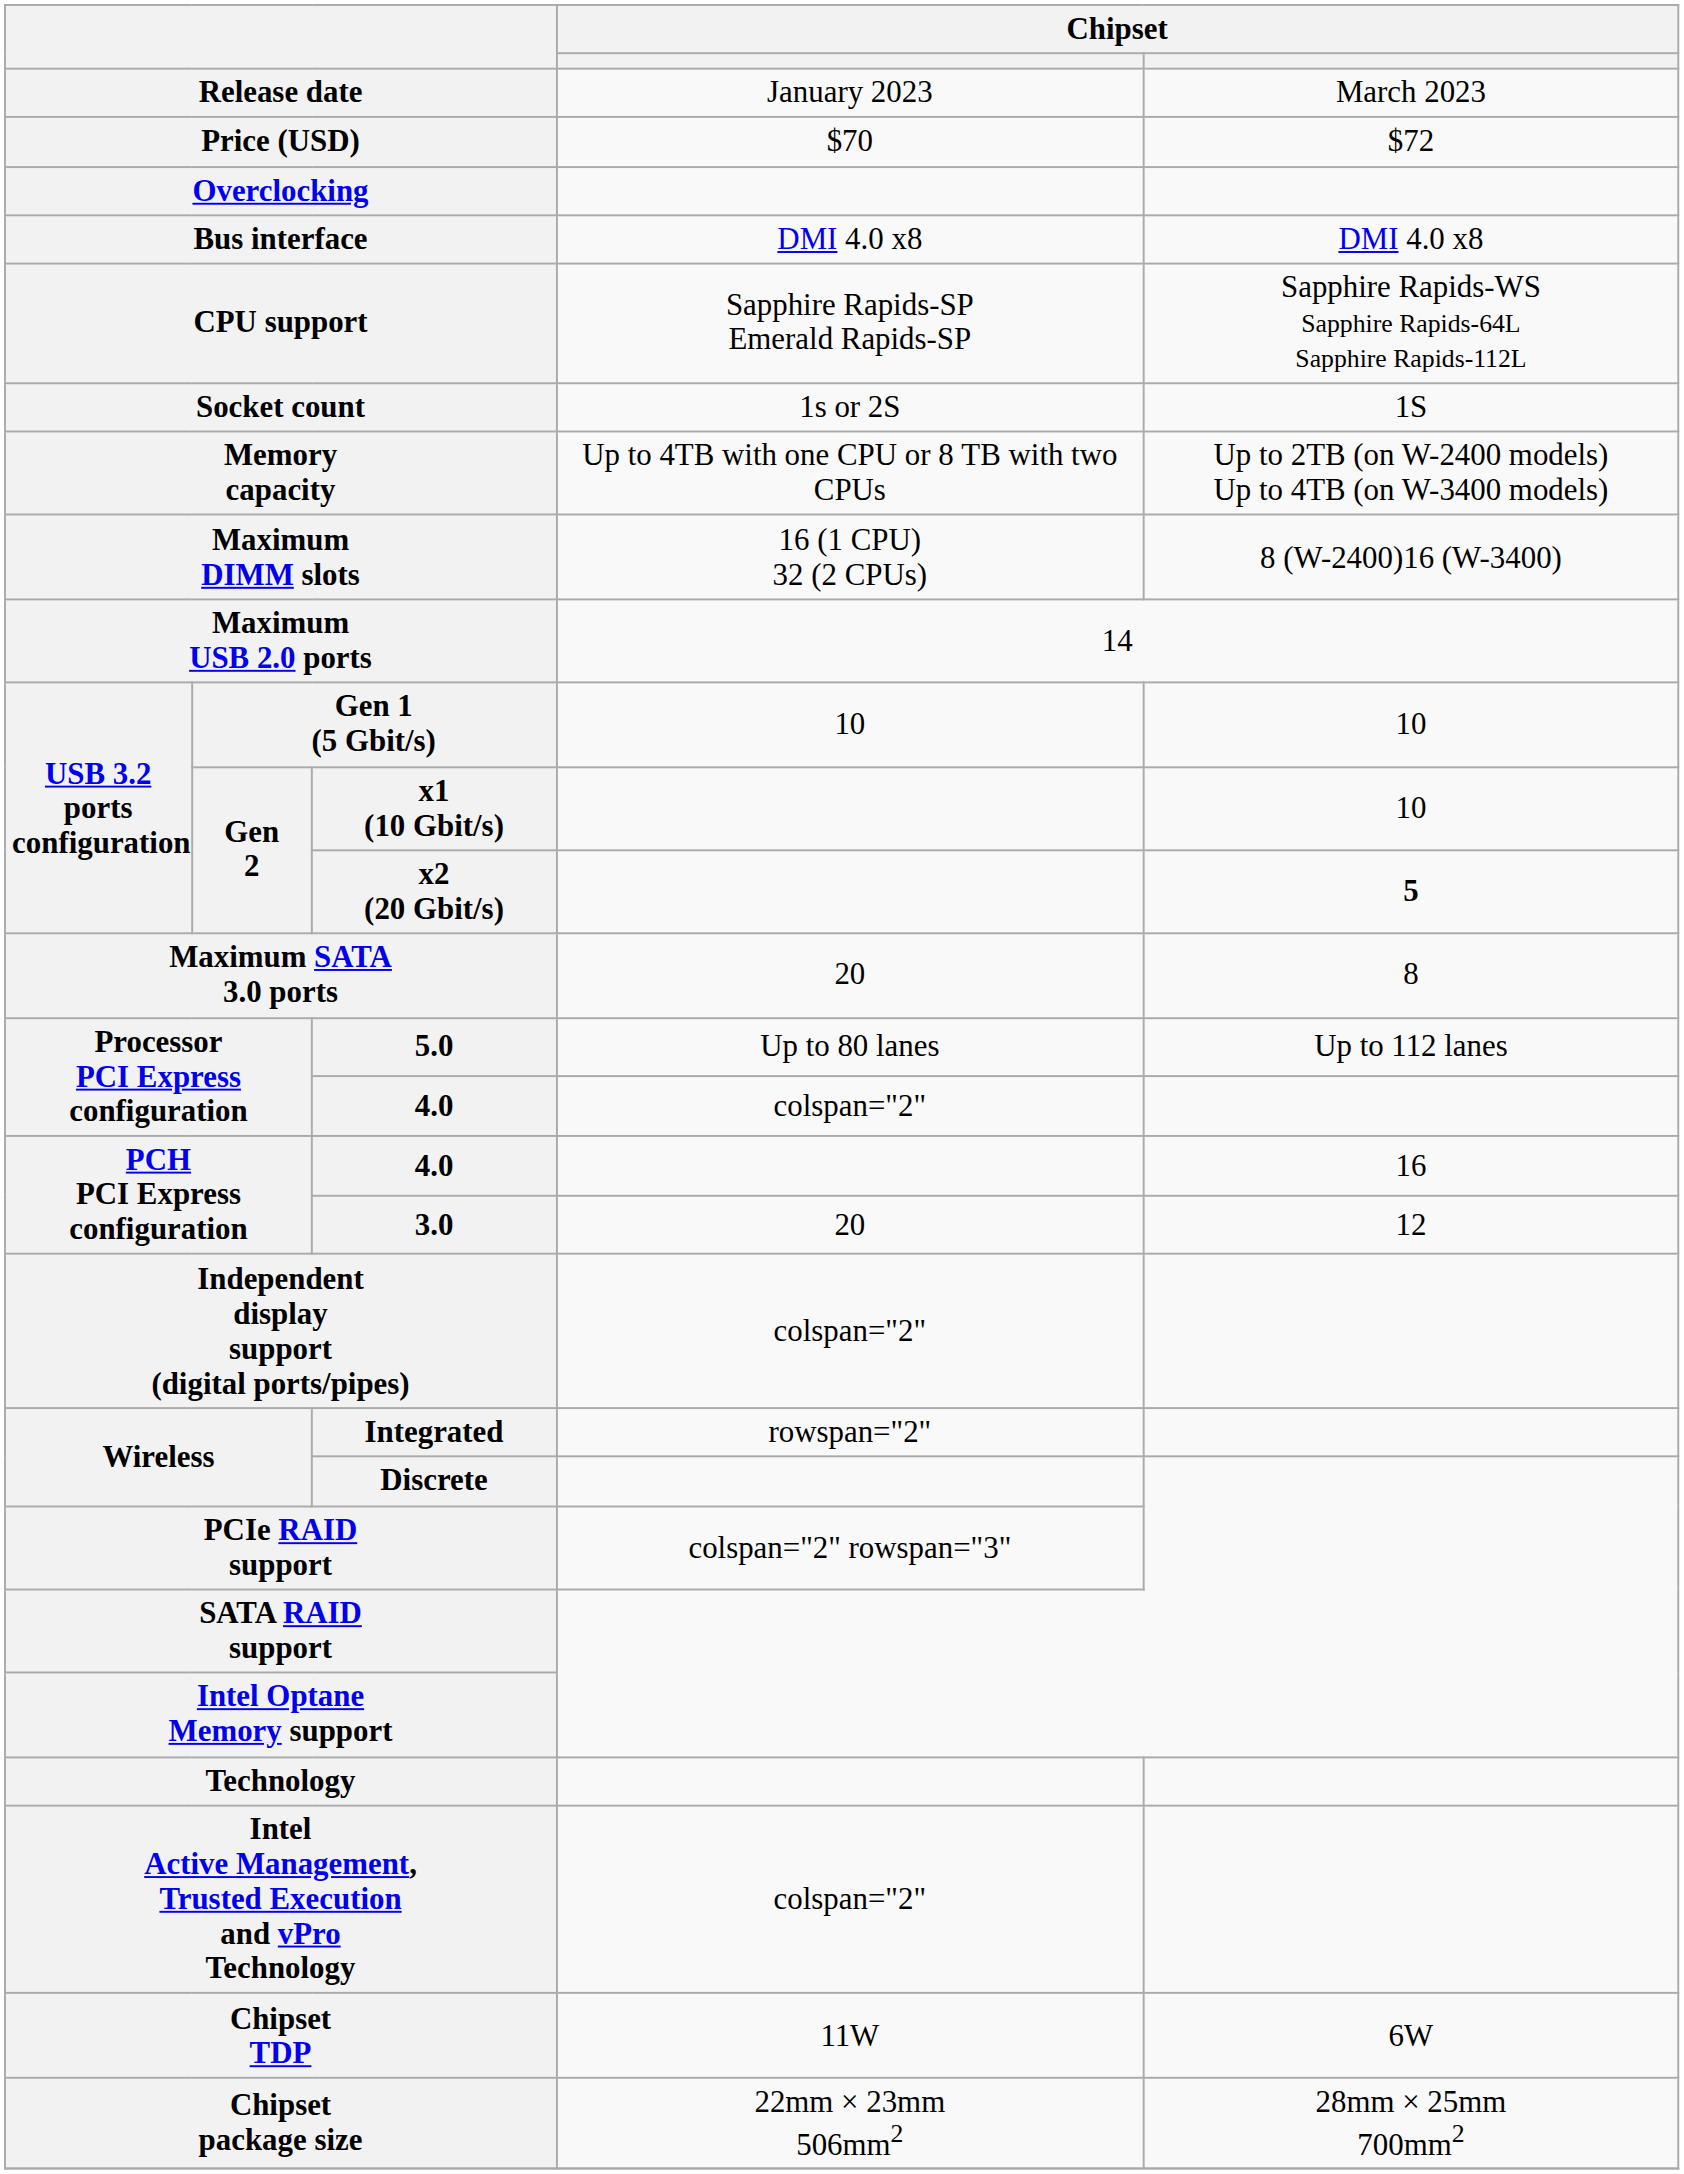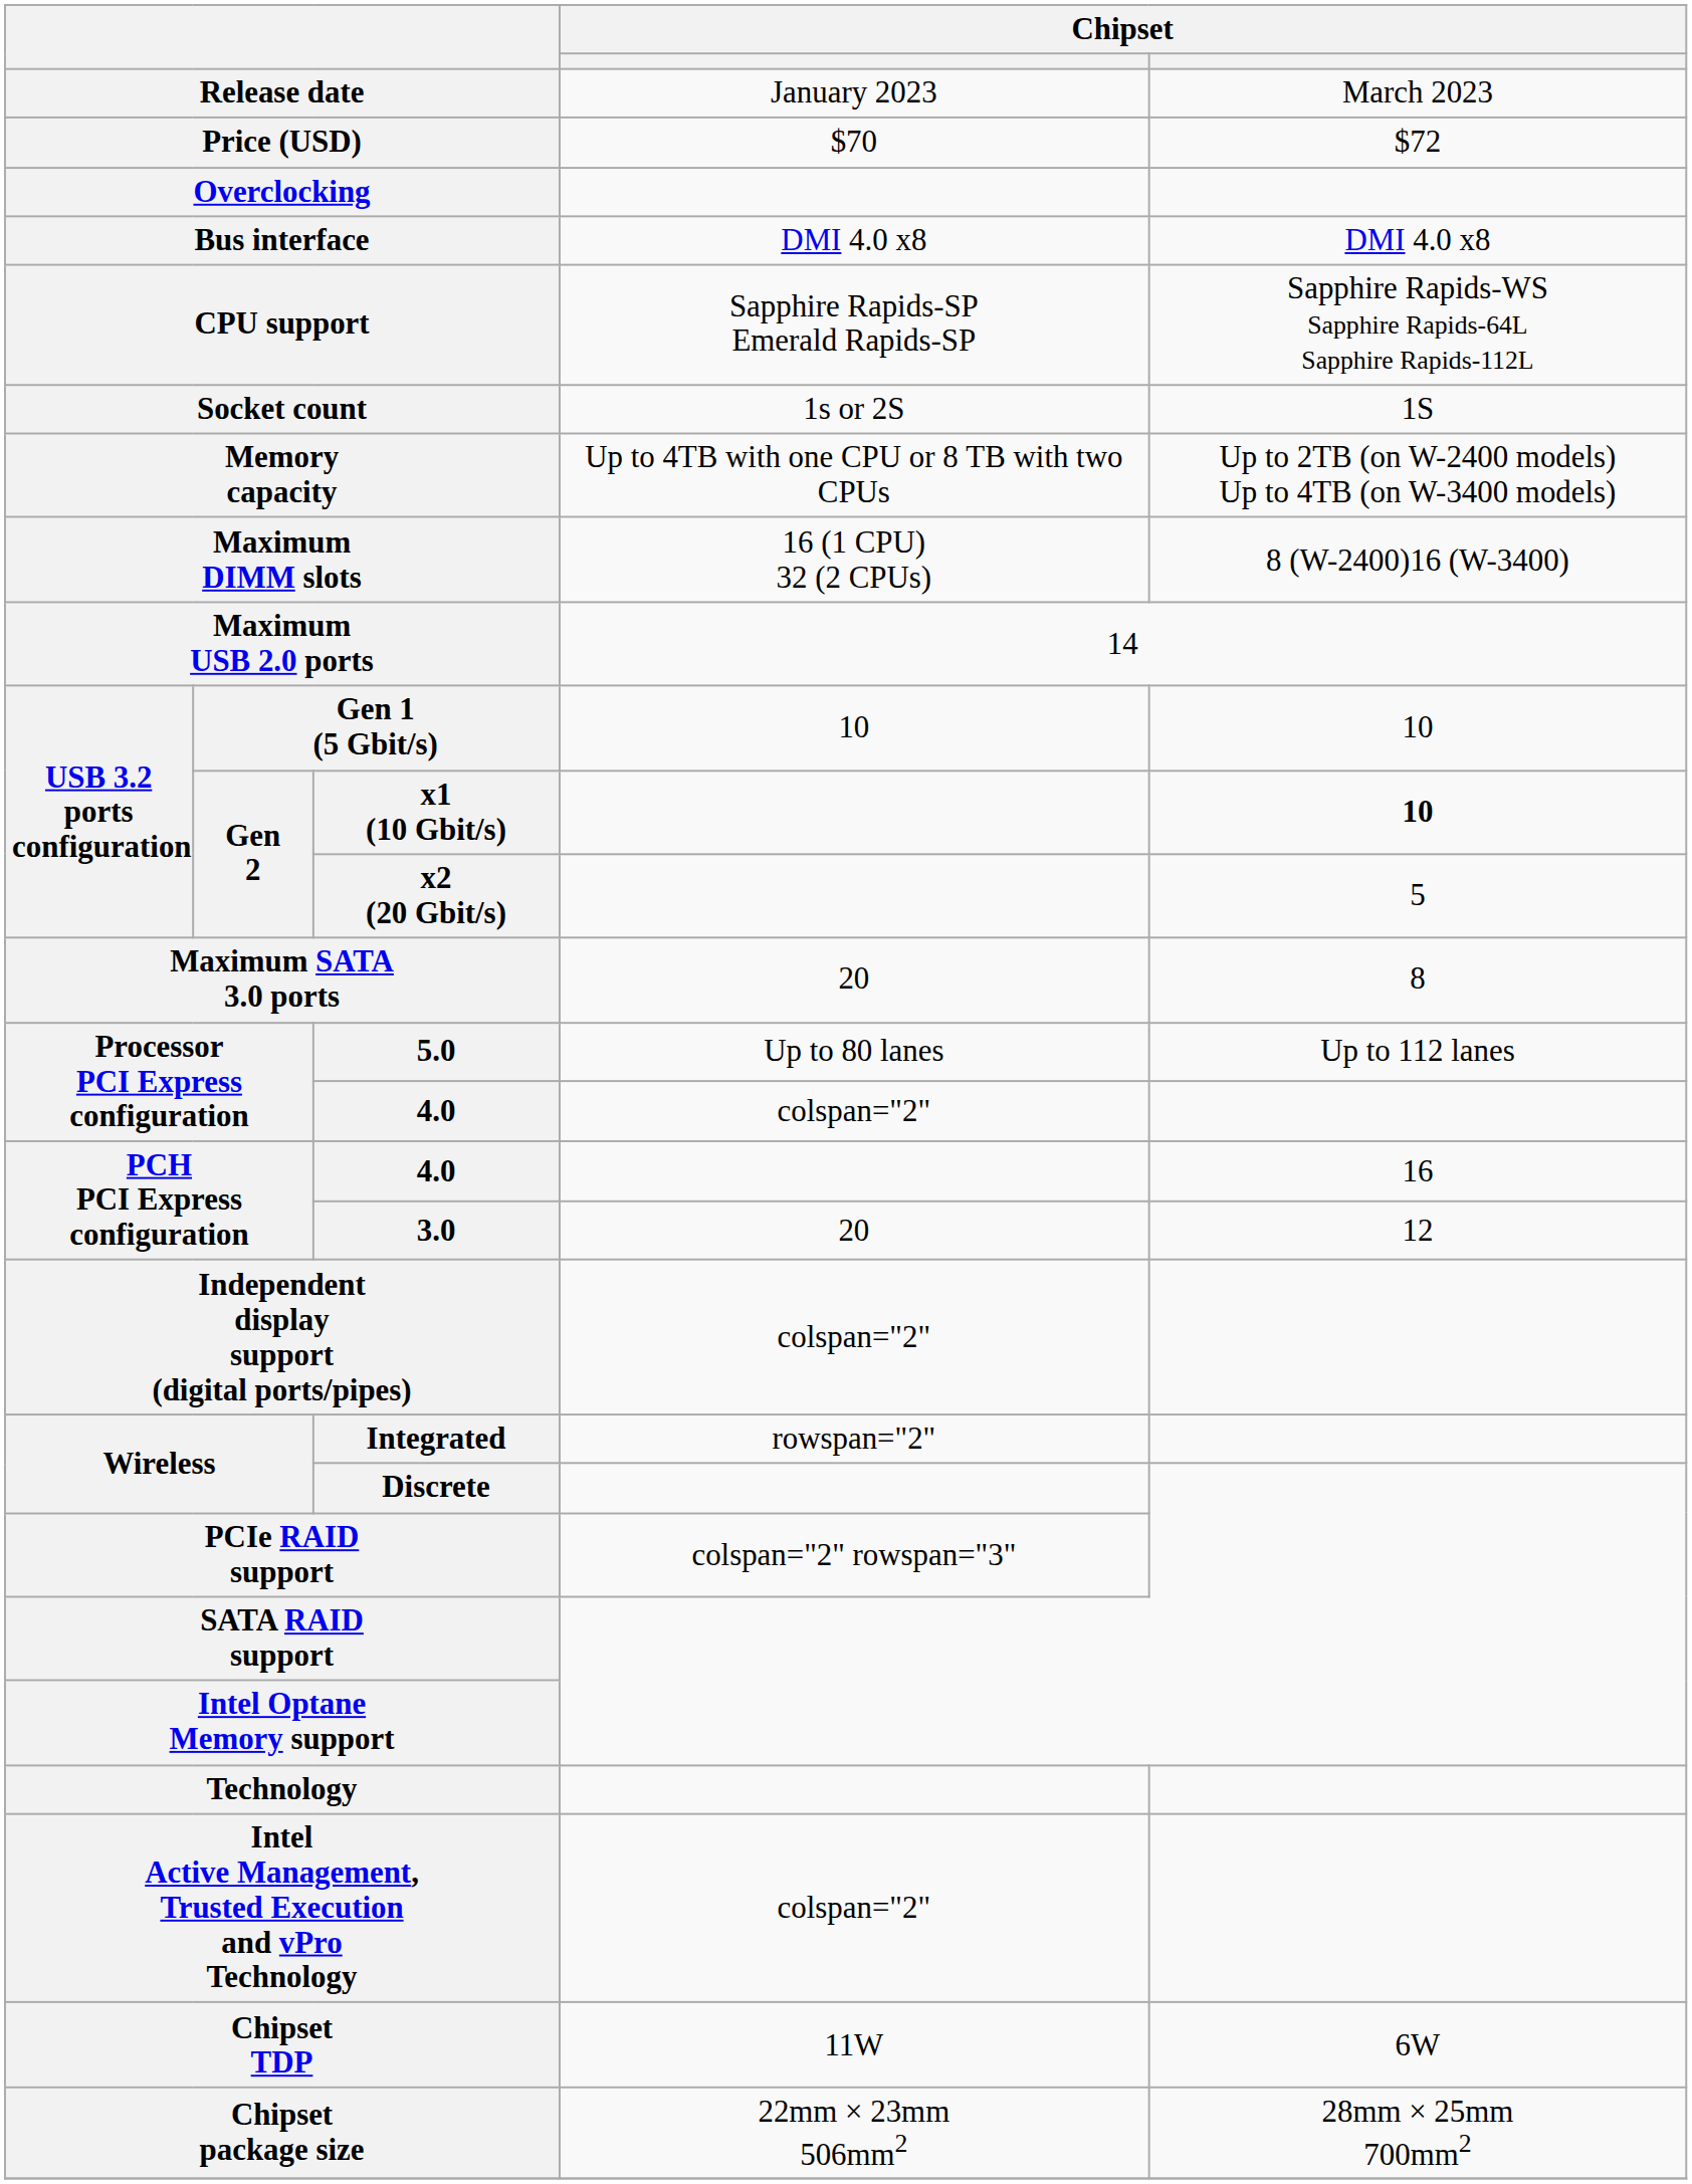 <table class="wikitable" style="text-align: center; max-width: 70em;">
 <tr>
 <th colspan="3" rowspan="2" scope="col" width="1%"></th>
 <th colspan="2" scope="col" width="2%">Chipset</th>
 </tr>
 <tr>
 <th scope="col" width="2%"></th>
 <th scope="col" width="2%"></th>
 </tr>
 <tr>
 <th colspan="3">Release date</th>
 <td>January 2023</td>
 <td>March 2023</td>
 </tr>
 <tr>
 <th colspan="3">Price (USD)</th>
 <td>$70</td>
 <td>$72</td>
 </tr>
 <tr>
 <th colspan="3"><a href='#'>Overclocking</a></th>
 <td></td>
 <td></td>
 </tr>
 <tr>
 <th colspan="3">Bus interface</th>
 <td><a href='#'>DMI</a> 4.0 x8</td>
 <td><a href='#'>DMI</a> 4.0 x8</td>
 </tr>
 <tr>
 <th colspan="3">CPU support</th>
 <td>Sapphire Rapids-SP <br> Emerald Rapids-SP</td>
 <td>Sapphire Rapids-WS <br><small>Sapphire Rapids-64L <br> Sapphire Rapids-112L</small></td>
 </tr>
 <tr>
 <th colspan="3">Socket count</th>
 <td>1s or 2S</td>
 <td>1S</td>
 </tr>
 <tr>
 <th colspan="3">Memory <br> capacity</th>
 <td>Up to 4TB with one CPU or 8 TB with two CPUs</td>
 <td>Up to 2TB (on W-2400 models) <br> Up to 4TB (on W-3400 models)</td>
 </tr>
 <tr>
 <th colspan="3">Maximum <br> <a href='#'>DIMM</a> slots</th>
 <td>16 (1 CPU)<br>32 (2 CPUs)</td>
 <td>8 (W-2400)16 (W-3400)</td>
 </tr>
 <tr>
 <th colspan="3">Maximum <br> <a href='#'>USB 2.0</a> ports</th>
 <td colspan="2">14</td>
 </tr>
 <tr>
 <th rowspan="3" style=max-width:3em><a href='#'>USB 3.2</a> ports <br> configuration</th>
 <th colspan="2" style=max-width:1em>Gen 1 <br> (5 Gbit/s)</th>
 <td>10</td>
 <td>10</td>
 </tr>
 <tr>
 <th rowspan="2">Gen <br> 2</th>
 <th style=max-width:1em>x1 <br> (10 Gbit/s)</th>
 <td></td>
-<td>10</td>
+<td><strong>10</strong></td>
 </tr>
 <tr>
 <th style=max-width:1em>x2 <br> (20 Gbit/s)</th>
 <td></td>
-<td><strong>5</strong></td>
+<td>5</td>
 </tr>
 <tr>
 <th colspan="3">Maximum <a href='#'>SATA</a> <br> 3.0 ports</th>
 <td>20</td>
 <td>8</td>
 </tr>
 <tr>
 <th rowspan="2" colspan="2">Processor <br> <a href='#'>PCI Express</a> <br> configuration</th>
 <th>5.0</th>
 <td>Up to 80 lanes</td>
 <td>Up to 112 lanes</td>
 </tr>
 <tr>
 <th>4.0</th>
 <td>colspan="2" </td>
 </tr>
 <tr>
 <th rowspan="2" colspan="2"><a href='#'>PCH</a> <br> PCI Express <br> configuration</th>
 <th>4.0</th>
 <td></td>
 <td>16</td>
 </tr>
 <tr>
 <th>3.0</th>
 <td>20</td>
 <td>12</td>
 </tr>
 <tr>
 <th colspan="3">Independent <br> display <br> support <br> (digital ports/pipes)</th>
 <td>colspan="2" </td>
 </tr>
 <tr>
 <th colspan="2" rowspan="2" style=max-width:1em>Wireless</th>
 <th>Integrated</th>
 <td>rowspan="2" </td>
 <td></td>
 </tr>
 <tr>
 <th>Discrete</th>
 <td></td>
 </tr>
 <tr>
 <th colspan="3">PCIe <a href='#'>RAID</a> <br> support</th>
 <td>colspan="2" rowspan="3" </td>
 </tr>
 <tr>
 <th colspan="3">SATA <a href='#'>RAID</a> <br> support</th>
 </tr>
 <tr>
 <th colspan="3"><a href='#'>Intel Optane <br> Memory</a> support</th>
 </tr>
 <tr>
 <th colspan="3"> Technology</th>
 <td></td>
 <td></td>
 </tr>
 <tr>
 <th colspan="3">Intel <br><a href='#'>Active Management</a>, <br><a href='#'>Trusted Execution</a> <br>and <a href='#'>vPro</a> <br>Technology</th>
 <td>colspan="2" </td>
 </tr>
 <tr>
 <th colspan="3">Chipset <br> <a href='#'>TDP</a></th>
 <td>11W</td>
 <td>6W</td>
 </tr>
 <tr>
 <th colspan="3">Chipset <br> package size</th>
 <td>22mm × 23mm <br> 506mm<sup>2</sup></td>
 <td>28mm × 25mm <br> 700mm<sup>2</sup></td>
 </tr>
 <tr>
 </tr>
 </table>
